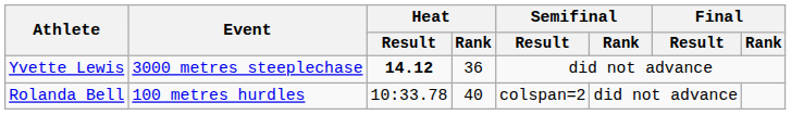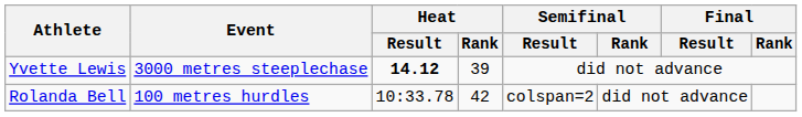 <table class="wikitable" style="font-size:90%">
 <tr>
 <th rowspan="2">Athlete</th>
 <th rowspan="2">Event</th>
 <th colspan="2">Heat</th>
 <th colspan="2">Semifinal</th>
 <th colspan="2">Final</th>
 </tr>
 <tr style="font-size:95%">
 <th>Result</th>
 <th>Rank</th>
 <th>Result</th>
 <th>Rank</th>
 <th>Result</th>
 <th>Rank</th>
 </tr>
 <tr style=text-align:center>
 <td style=text-align:left><a href='#'>Yvette Lewis</a></td>
 <td style=text-align:left><a href='#'>3000 metres steeplechase</a></td>
 <td><strong>14.12</strong></td>
-<td>36</td>
+<td>39</td>
 <td colspan=4>did not advance</td>
 </tr>
 <tr style=text-align:center>
 <td style=text-align:left><a href='#'>Rolanda Bell</a></td>
 <td style=text-align:left><a href='#'>100 metres hurdles</a></td>
 <td>10:33.78</td>
-<td>40</td>
+<td>42</td>
 <td>colspan=2 </td>
 <td colspan=2>did not advance</td>
 </tr>
 </table>
